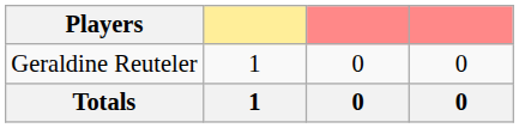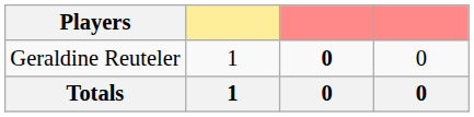 <table class="wikitable" style="text-align:center;">
 <tr style="text-align:center;">
 <th>Players</th>
 <th style="width:60px; background:#fe9;"></th>
 <th style="width:60px; background:#ff8888;"></th>
 <th style="width:60px; background:#ff8888;"></th>
 </tr>
 <tr>
 <td>Geraldine Reuteler</td>
 <td>1</td>
-<td>0</td>
+<td><strong>0</strong></td>
 <td>0</td>
 </tr>
 <tr>
 <th>Totals</th>
 <th>1</th>
 <th>0</th>
 <th>0</th>
 </tr>
 </table>
